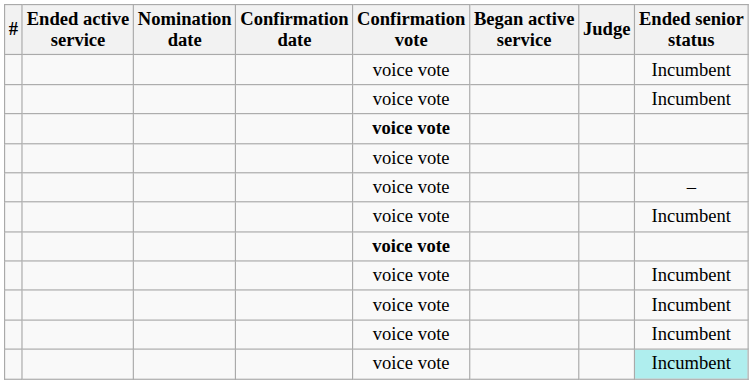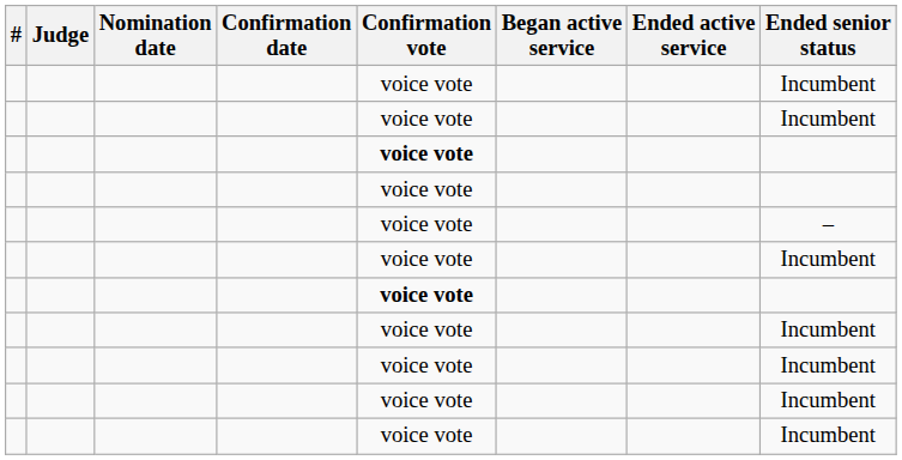 <table class="sortable wikitable">
 <tr>
 <th>#</th>
-<th>Ended active<br>service</th>
+<th>Judge</th>
 <th>Nomination<br>date</th>
 <th>Confirmation<br>date</th>
 <th>Confirmation<br>vote</th>
 <th>Began active<br>service</th>
-<th>Judge</th>
+<th>Ended active<br>service</th>
 <th>Ended senior<br>status</th>
 </tr>
 <tr>
 <td></td>
 <td></td>
 <td></td>
 <td></td>
 <td align="center">voice vote</td>
 <td></td>
 <td></td>
 <td align="center">Incumbent</td>
 </tr>
 <tr>
 <td></td>
 <td></td>
 <td></td>
 <td></td>
 <td align="center">voice vote</td>
 <td></td>
 <td></td>
 <td align="center">Incumbent</td>
 </tr>
 <tr>
 <td></td>
 <td></td>
 <td></td>
 <td></td>
 <td align="center"><strong>voice vote</strong></td>
 <td></td>
 <td></td>
 <td></td>
 </tr>
 <tr>
 <td></td>
 <td></td>
 <td></td>
 <td></td>
 <td align="center">voice vote</td>
 <td></td>
 <td></td>
 <td></td>
 </tr>
 <tr>
 <td></td>
 <td></td>
 <td></td>
 <td></td>
 <td align="center">voice vote</td>
 <td></td>
 <td></td>
 <td align="center">–</td>
 </tr>
 <tr>
 <td></td>
 <td></td>
 <td></td>
 <td></td>
 <td align="center">voice vote</td>
 <td></td>
 <td></td>
 <td align="center">Incumbent</td>
 </tr>
 <tr>
 <td></td>
 <td></td>
 <td></td>
 <td></td>
 <td align="center"><strong>voice vote</strong></td>
 <td></td>
 <td></td>
 <td></td>
 </tr>
 <tr>
 <td></td>
 <td></td>
 <td></td>
 <td></td>
 <td align="center">voice vote</td>
 <td></td>
 <td></td>
 <td align="center">Incumbent</td>
 </tr>
 <tr>
 <td></td>
 <td></td>
 <td></td>
 <td></td>
 <td align="center">voice vote</td>
 <td></td>
 <td></td>
 <td align="center">Incumbent</td>
 </tr>
 <tr>
 <td></td>
 <td></td>
 <td></td>
 <td></td>
 <td align="center">voice vote</td>
 <td></td>
 <td></td>
 <td align="center">Incumbent</td>
 </tr>
 <tr>
 <td></td>
 <td></td>
 <td></td>
 <td></td>
 <td align="center">voice vote</td>
 <td></td>
 <td></td>
-<td align="center" style="background: paleturquoise;">Incumbent</td>
+<td align="center">Incumbent</td>
 </tr>
 </table>
